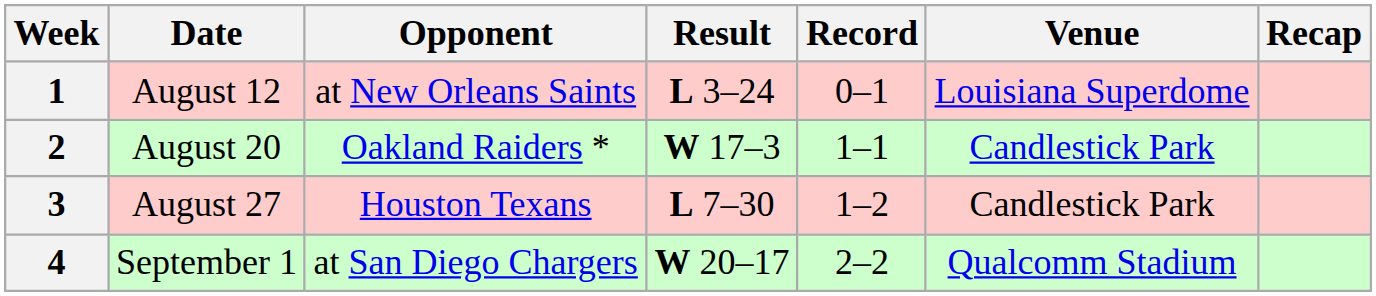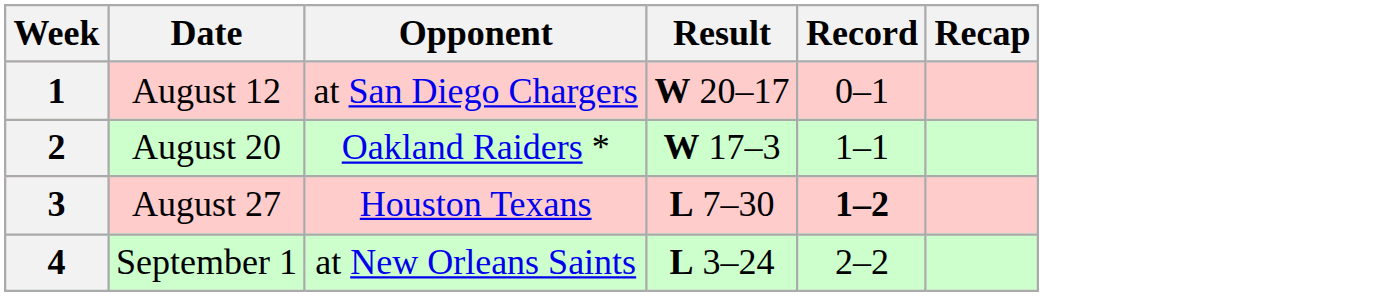 <table class="wikitable" style="text-align:center">
 <tr>
 <th>Week</th>
 <th>Date</th>
 <th>Opponent</th>
 <th>Result</th>
 <th>Record</th>
-<th>Venue</th>
 <th>Recap</th>
 </tr>
 <tr style="background:#fcc">
 <th>1</th>
 <td style="text-align:center;">August 12</td>
-<td style="text-align:center;">at <a href='#'>New Orleans Saints</a></td>
-<td style="text-align:center;"><strong>L</strong> 3–24</td>
+<td style="text-align:center;">at <a href='#'>San Diego Chargers</a></td>
+<td style="text-align:center;"><strong>W</strong> 20–17</td>
 <td style="text-align:center;">0–1</td>
-<td style="text-align:center;"><a href='#'>Louisiana Superdome</a></td>
 <td style="text-align:center;"></td>
 </tr>
 <tr style="background:#cfc;">
 <th>2</th>
 <td style="text-align:center;">August 20</td>
 <td style="text-align:center;"><a href='#'>Oakland Raiders</a> *</td>
 <td style="text-align:center;"><strong>W</strong> 17–3</td>
 <td style="text-align:center;">1–1</td>
-<td style="text-align:center;"><a href='#'>Candlestick Park</a></td>
 <td style="text-align:center;"></td>
 </tr>
 <tr style="background:#fcc">
 <th>3</th>
 <td style="text-align:center;">August 27</td>
 <td style="text-align:center;"><a href='#'>Houston Texans</a></td>
 <td style="text-align:center;"><strong>L</strong> 7–30</td>
-<td style="text-align:center;">1–2</td>
-<td style="text-align:center;">Candlestick Park</td>
+<td style="text-align:center;"><strong>1–2</strong></td>
 <td style="text-align:center;"></td>
 </tr>
 <tr style="background:#cfc;">
 <th>4</th>
 <td style="text-align:center;">September 1</td>
-<td style="text-align:center;">at <a href='#'>San Diego Chargers</a></td>
-<td style="text-align:center;"><strong>W</strong> 20–17</td>
+<td style="text-align:center;">at <a href='#'>New Orleans Saints</a></td>
+<td style="text-align:center;"><strong>L</strong> 3–24</td>
 <td style="text-align:center;">2–2</td>
-<td style="text-align:center;"><a href='#'>Qualcomm Stadium</a></td>
 <td style="text-align:center;"></td>
 </tr>
 </table>
